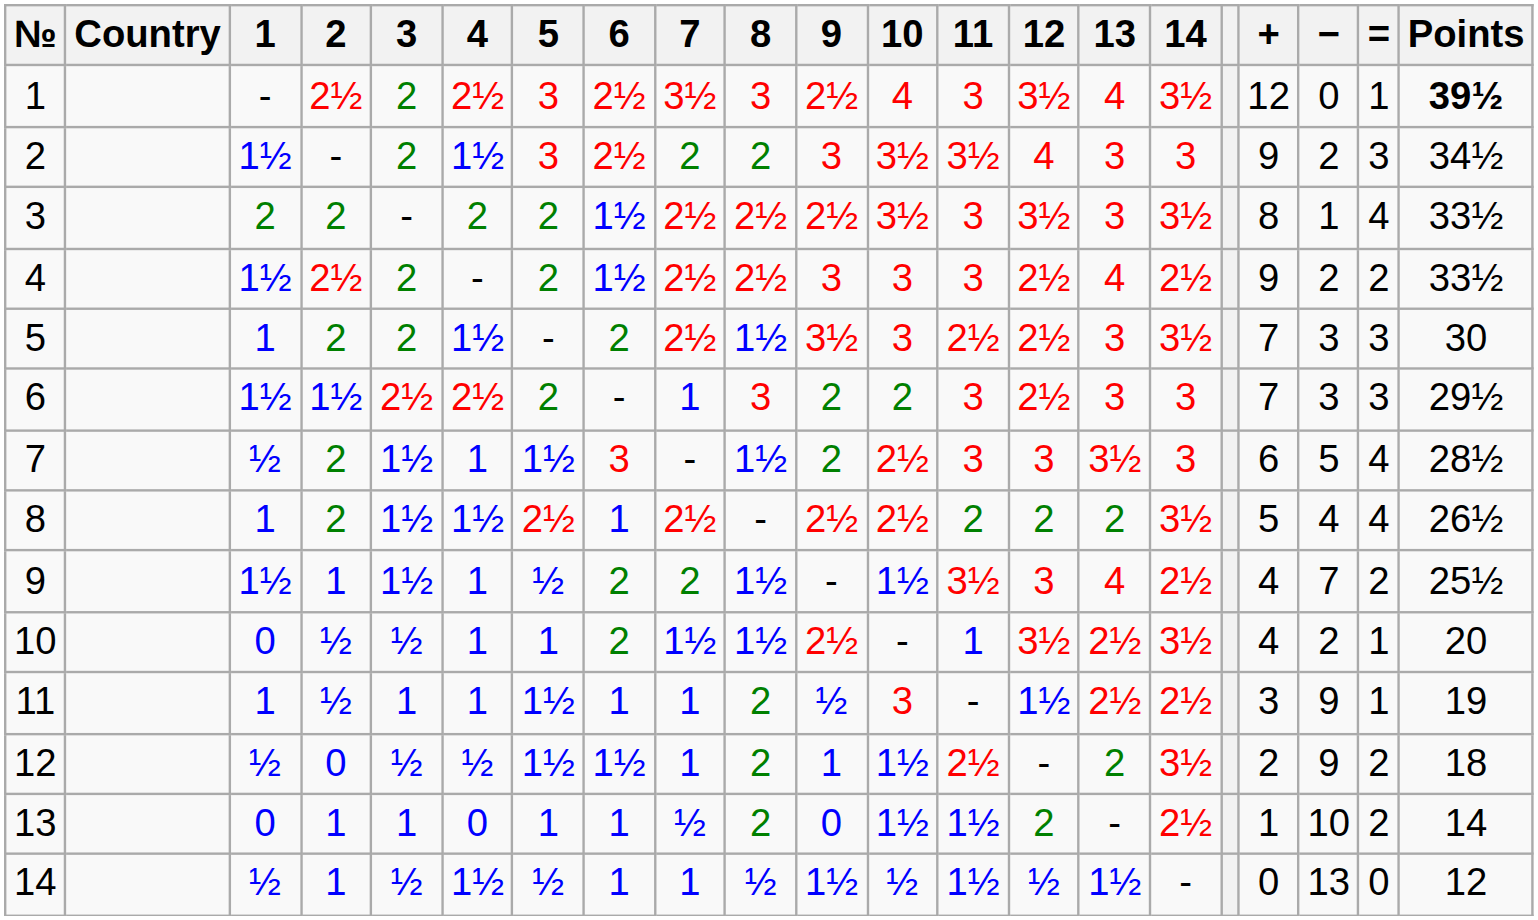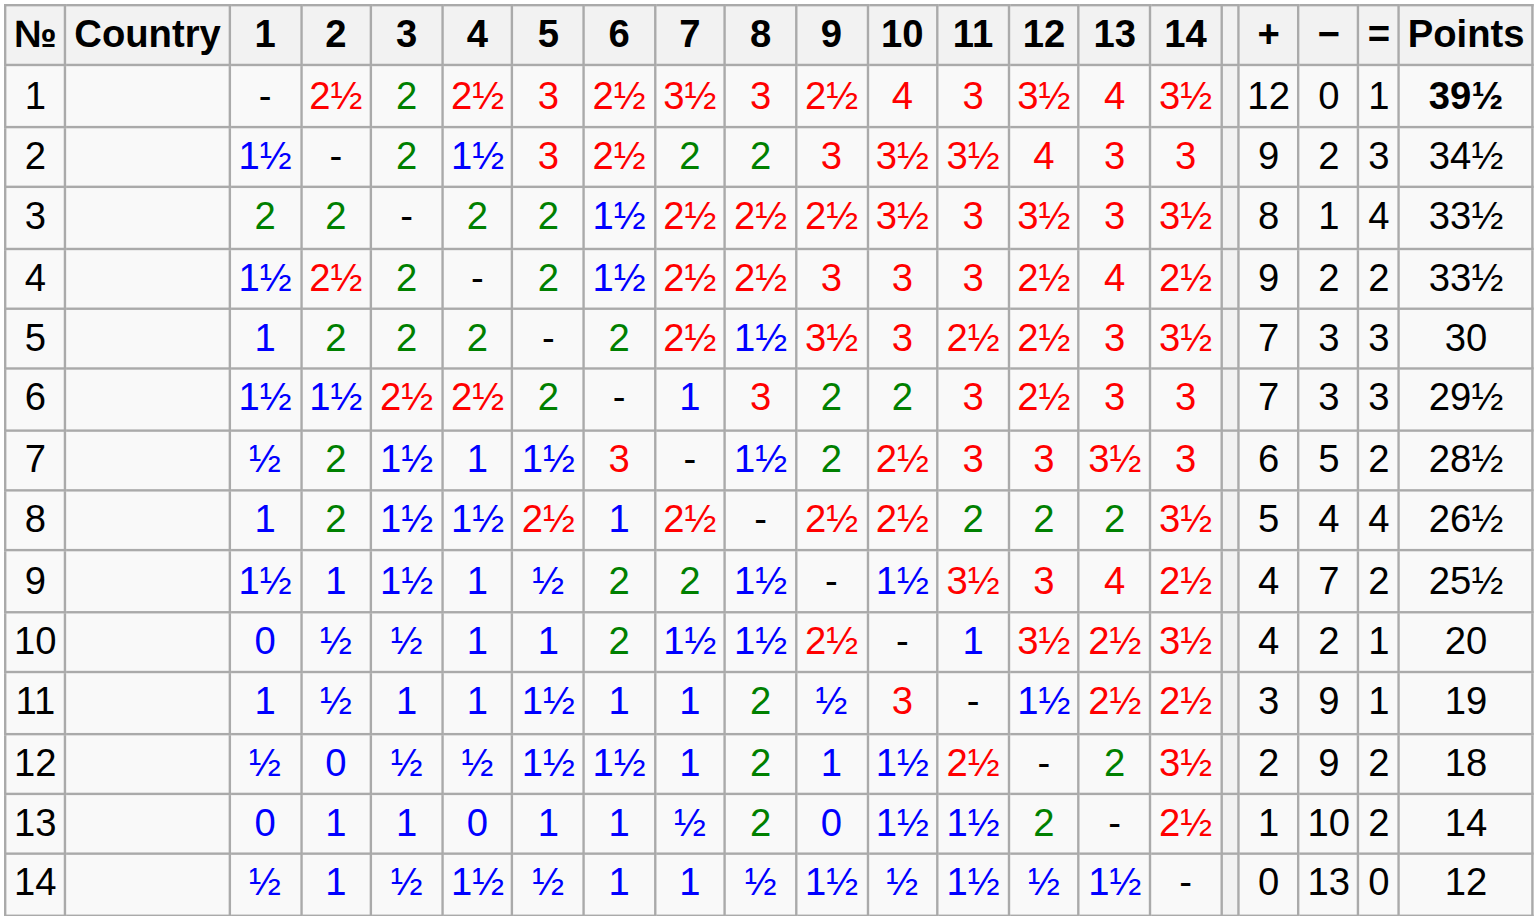 <table class="wikitable" style="text-align:center">
 <tr>
 <th>№</th>
 <th>Country</th>
 <th>1</th>
 <th>2</th>
 <th>3</th>
 <th>4</th>
 <th>5</th>
 <th>6</th>
 <th>7</th>
 <th>8</th>
 <th>9</th>
 <th>10</th>
 <th>11</th>
 <th>12</th>
 <th>13</th>
 <th>14</th>
 <th></th>
 <th>+</th>
 <th>−</th>
 <th>=</th>
 <th>Points</th>
 </tr>
 <tr>
 <td>1</td>
 <td style="text-align: left"></td>
 <td>-</td>
 <td style="color:red;">2½</td>
 <td style="color:green;">2</td>
 <td style="color:red;">2½</td>
 <td style="color:red;">3</td>
 <td style="color:red;">2½</td>
 <td style="color:red;">3½</td>
 <td style="color:red;">3</td>
 <td style="color:red;">2½</td>
 <td style="color:red;">4</td>
 <td style="color:red;">3</td>
 <td style="color:red;">3½</td>
 <td style="color:red;">4</td>
 <td style="color:red;">3½</td>
 <th></th>
 <td>12</td>
 <td>0</td>
 <td>1</td>
 <td><strong>39½ </strong></td>
 </tr>
 <tr>
 <td>2</td>
 <td style="text-align: left"></td>
 <td style="color:blue;">1½</td>
 <td>-</td>
 <td style="color:green;">2</td>
 <td style="color:blue;">1½</td>
 <td style="color:red;">3</td>
 <td style="color:red;">2½</td>
 <td style="color:green;">2</td>
 <td style="color:green;">2</td>
 <td style="color:red;">3</td>
 <td style="color:red;">3½</td>
 <td style="color:red;">3½</td>
 <td style="color:red;">4</td>
 <td style="color:red;">3</td>
 <td style="color:red;">3</td>
 <th></th>
 <td>9</td>
 <td>2</td>
 <td>3</td>
 <td>34½</td>
 </tr>
 <tr>
 <td>3</td>
 <td style="text-align: left"></td>
 <td style="color:green;">2</td>
 <td style="color:green;">2</td>
 <td>-</td>
 <td style="color:green;">2</td>
 <td style="color:green;">2</td>
 <td style="color:blue;">1½</td>
 <td style="color:red;">2½</td>
 <td style="color:red;">2½</td>
 <td style="color:red;">2½</td>
 <td style="color:red;">3½</td>
 <td style="color:red;">3</td>
 <td style="color:red;">3½</td>
 <td style="color:red;">3</td>
 <td style="color:red;">3½</td>
 <th></th>
 <td>8</td>
 <td>1</td>
 <td>4</td>
 <td>33½</td>
 </tr>
 <tr>
 <td>4</td>
 <td style="text-align: left"></td>
 <td style="color:blue;">1½</td>
 <td style="color:red;">2½</td>
 <td style="color:green;">2</td>
 <td>-</td>
 <td style="color:green;">2</td>
 <td style="color:blue;">1½</td>
 <td style="color:red;">2½</td>
 <td style="color:red;">2½</td>
 <td style="color:red;">3</td>
 <td style="color:red;">3</td>
 <td style="color:red;">3</td>
 <td style="color:red;">2½</td>
 <td style="color:red;">4</td>
 <td style="color:red;">2½</td>
 <th></th>
 <td>9</td>
 <td>2</td>
 <td>2</td>
 <td>33½</td>
 </tr>
 <tr>
 <td>5</td>
 <td style="text-align: left"></td>
 <td style="color:blue;">1</td>
 <td style="color:green;">2</td>
 <td style="color:green;">2</td>
-<td style="color:blue;">1½</td>
+<td style="color:green;">2</td>
 <td>-</td>
 <td style="color:green;">2</td>
 <td style="color:red;">2½</td>
 <td style="color:blue;">1½</td>
 <td style="color:red;">3½</td>
 <td style="color:red;">3</td>
 <td style="color:red;">2½</td>
 <td style="color:red;">2½</td>
 <td style="color:red;">3</td>
 <td style="color:red;">3½</td>
 <th></th>
 <td>7</td>
 <td>3</td>
 <td>3</td>
 <td>30</td>
 </tr>
 <tr>
 <td>6</td>
 <td style="text-align: left"></td>
 <td style="color:blue;">1½</td>
 <td style="color:blue;">1½</td>
 <td style="color:red;">2½</td>
 <td style="color:red;">2½</td>
 <td style="color:green;">2</td>
 <td>-</td>
 <td style="color:blue;">1</td>
 <td style="color:red;">3</td>
 <td style="color:green;">2</td>
 <td style="color:green;">2</td>
 <td style="color:red;">3</td>
 <td style="color:red;">2½</td>
 <td style="color:red;">3</td>
 <td style="color:red;">3</td>
 <th></th>
 <td>7</td>
 <td>3</td>
 <td>3</td>
 <td>29½</td>
 </tr>
 <tr>
 <td>7</td>
 <td style="text-align: left"></td>
 <td style="color:blue;">½</td>
 <td style="color:green;">2</td>
 <td style="color:blue;">1½</td>
 <td style="color:blue;">1</td>
 <td style="color:blue;">1½</td>
 <td style="color:red;">3</td>
 <td>-</td>
 <td style="color:blue;">1½</td>
 <td style="color:green;">2</td>
 <td style="color:red;">2½</td>
 <td style="color:red;">3</td>
 <td style="color:red;">3</td>
 <td style="color:red;">3½</td>
 <td style="color:red;">3</td>
 <th></th>
 <td>6</td>
 <td>5</td>
-<td>4</td>
+<td>2</td>
 <td>28½</td>
 </tr>
 <tr>
 <td>8</td>
 <td style="text-align: left"></td>
 <td style="color:blue;">1</td>
 <td style="color:green;">2</td>
 <td style="color:blue;">1½</td>
 <td style="color:blue;">1½</td>
 <td style="color:red;">2½</td>
 <td style="color:blue;">1</td>
 <td style="color:red;">2½</td>
 <td>-</td>
 <td style="color:red;">2½</td>
 <td style="color:red;">2½</td>
 <td style="color:green;">2</td>
 <td style="color:green;">2</td>
 <td style="color:green;">2</td>
 <td style="color:red;">3½</td>
 <th></th>
 <td>5</td>
 <td>4</td>
 <td>4</td>
 <td>26½</td>
 </tr>
 <tr>
 <td>9</td>
 <td style="text-align: left"></td>
 <td style="color:blue;">1½</td>
 <td style="color:blue;">1</td>
 <td style="color:blue;">1½</td>
 <td style="color:blue;">1</td>
 <td style="color:blue;">½</td>
 <td style="color:green;">2</td>
 <td style="color:green;">2</td>
 <td style="color:blue;">1½</td>
 <td>-</td>
 <td style="color:blue;">1½</td>
 <td style="color:red;">3½</td>
 <td style="color:red;">3</td>
 <td style="color:red;">4</td>
 <td style="color:red;">2½</td>
 <th></th>
 <td>4</td>
 <td>7</td>
 <td>2</td>
 <td>25½</td>
 </tr>
 <tr>
 <td>10</td>
 <td style="text-align: left"></td>
 <td style="color:blue;">0</td>
 <td style="color:blue;">½</td>
 <td style="color:blue;">½</td>
 <td style="color:blue;">1</td>
 <td style="color:blue;">1</td>
 <td style="color:green;">2</td>
 <td style="color:blue;">1½</td>
 <td style="color:blue;">1½</td>
 <td style="color:red;">2½</td>
 <td>-</td>
 <td style="color:blue;">1</td>
 <td style="color:red;">3½</td>
 <td style="color:red;">2½</td>
 <td style="color:red;">3½</td>
 <th></th>
 <td>4</td>
 <td>2</td>
 <td>1</td>
 <td>20</td>
 </tr>
 <tr>
 <td>11</td>
 <td style="text-align: left"></td>
 <td style="color:blue;">1</td>
 <td style="color:blue;">½</td>
 <td style="color:blue;">1</td>
 <td style="color:blue;">1</td>
 <td style="color:blue;">1½</td>
 <td style="color:blue;">1</td>
 <td style="color:blue;">1</td>
 <td style="color:green;">2</td>
 <td style="color:blue;">½</td>
 <td style="color:red;">3</td>
 <td>-</td>
 <td style="color:blue;">1½</td>
 <td style="color:red;">2½</td>
 <td style="color:red;">2½</td>
 <th></th>
 <td>3</td>
 <td>9</td>
 <td>1</td>
 <td>19</td>
 </tr>
 <tr>
 <td>12</td>
 <td style="text-align: left"></td>
 <td style="color:blue;">½</td>
 <td style="color:blue;">0</td>
 <td style="color:blue;">½</td>
 <td style="color:blue;">½</td>
 <td style="color:blue;">1½</td>
 <td style="color:blue;">1½</td>
 <td style="color:blue;">1</td>
 <td style="color:green;">2</td>
 <td style="color:blue;">1</td>
 <td style="color:blue;">1½</td>
 <td style="color:red;">2½</td>
 <td>-</td>
 <td style="color:green;">2</td>
 <td style="color:red;">3½</td>
 <th></th>
 <td>2</td>
 <td>9</td>
 <td>2</td>
 <td>18</td>
 </tr>
 <tr>
 <td>13</td>
 <td style="text-align: left"></td>
 <td style="color:blue;">0</td>
 <td style="color:blue;">1</td>
 <td style="color:blue;">1</td>
 <td style="color:blue;">0</td>
 <td style="color:blue;">1</td>
 <td style="color:blue;">1</td>
 <td style="color:blue;">½</td>
 <td style="color:green;">2</td>
 <td style="color:blue;">0</td>
 <td style="color:blue;">1½</td>
 <td style="color:blue;">1½</td>
 <td style="color:green;">2</td>
 <td>-</td>
 <td style="color:red;">2½</td>
 <th></th>
 <td>1</td>
 <td>10</td>
 <td>2</td>
 <td>14</td>
 </tr>
 <tr>
 <td>14</td>
 <td style="text-align: left"></td>
 <td style="color:blue;">½</td>
 <td style="color:blue;">1</td>
 <td style="color:blue;">½</td>
 <td style="color:blue;">1½</td>
 <td style="color:blue;">½</td>
 <td style="color:blue;">1</td>
 <td style="color:blue;">1</td>
 <td style="color:blue;">½</td>
 <td style="color:blue;">1½</td>
 <td style="color:blue;">½</td>
 <td style="color:blue;">1½</td>
 <td style="color:blue;">½</td>
 <td style="color:blue;">1½</td>
 <td>-</td>
 <th></th>
 <td>0</td>
 <td>13</td>
 <td>0</td>
 <td>12</td>
 </tr>
 </table>
